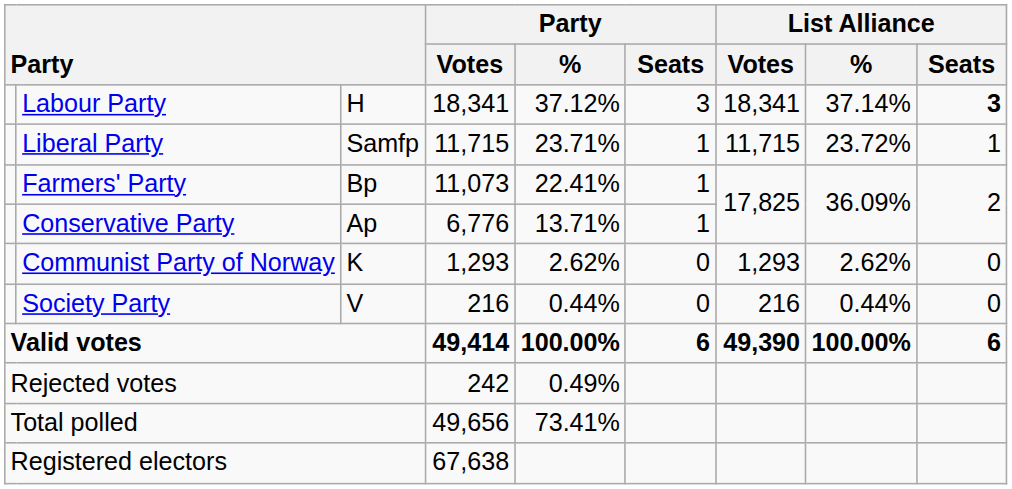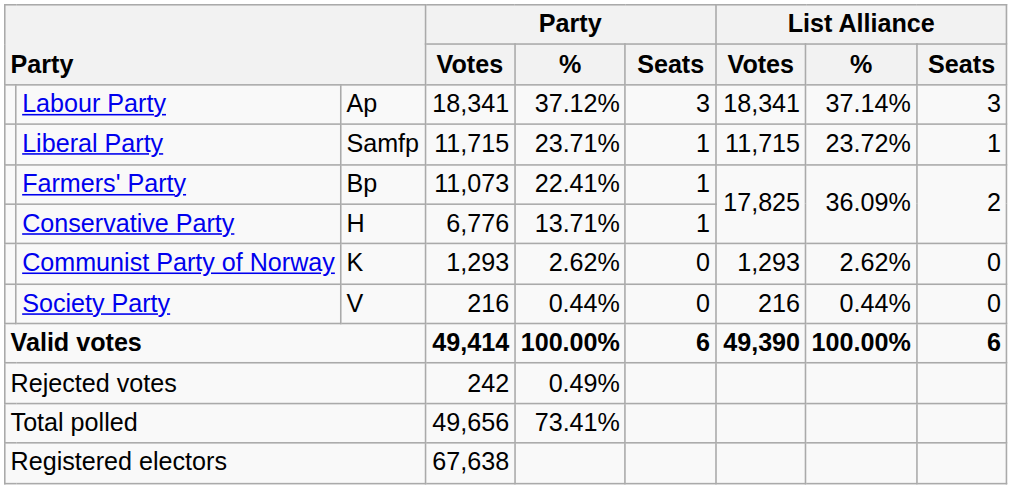 <table class="wikitable" border="1" style="text-align:right;">
 <tr>
 <th style="text-align:left;" valign=bottom rowspan=2 colspan=3>Party</th>
 <th colspan=3>Party</th>
 <th colspan=3>List Alliance</th>
 </tr>
 <tr>
 <th align=center valign=bottom width="50">Votes</th>
 <th align=center valign=bottom width="50">%</th>
 <th align=center valign=bottom width="50">Seats</th>
 <th align=center valign=bottom width="50">Votes</th>
 <th align=center valign=bottom width="50">%</th>
 <th align=center valign=bottom width="50">Seats</th>
 </tr>
 <tr>
 <td style="color:inherit;background:"></td>
 <td align=left><a href='#'>Labour Party</a></td>
-<td align=left>H</td>
+<td align=left>Ap</td>
 <td>18,341</td>
 <td>37.12%</td>
 <td>3</td>
 <td>18,341</td>
 <td>37.14%</td>
-<td><strong>3</strong></td>
+<td>3</td>
 </tr>
 <tr>
 <td style="color:inherit;background:"></td>
 <td align=left><a href='#'>Liberal Party</a></td>
 <td align=left>Samfp</td>
 <td>11,715</td>
 <td>23.71%</td>
 <td>1</td>
 <td>11,715</td>
 <td>23.72%</td>
 <td>1</td>
 </tr>
 <tr>
 <td style="color:inherit;background:"></td>
 <td align=left><a href='#'>Farmers' Party</a></td>
 <td align=left>Bp</td>
 <td>11,073</td>
 <td>22.41%</td>
 <td>1</td>
 <td rowspan=2>17,825</td>
 <td rowspan=2>36.09%</td>
 <td rowspan=2>2</td>
 </tr>
 <tr>
 <td style="color:inherit;background:"></td>
 <td align=left><a href='#'>Conservative Party</a></td>
-<td align=left>Ap</td>
+<td align=left>H</td>
 <td>6,776</td>
 <td>13.71%</td>
 <td>1</td>
 </tr>
 <tr>
 <td style="color:inherit;background:"></td>
 <td align=left><a href='#'>Communist Party of Norway</a></td>
 <td align=left>K</td>
 <td>1,293</td>
 <td>2.62%</td>
 <td>0</td>
 <td>1,293</td>
 <td>2.62%</td>
 <td>0</td>
 </tr>
 <tr>
 <td></td>
 <td align=left><a href='#'>Society Party</a></td>
 <td align=left>V</td>
 <td>216</td>
 <td>0.44%</td>
 <td>0</td>
 <td>216</td>
 <td>0.44%</td>
 <td>0</td>
 </tr>
 <tr style="font-weight:bold">
 <td align=left colspan=3>Valid votes</td>
 <td>49,414</td>
 <td>100.00%</td>
 <td>6</td>
 <td>49,390</td>
 <td>100.00%</td>
 <td>6</td>
 </tr>
 <tr>
 <td align=left colspan=3>Rejected votes</td>
 <td>242</td>
 <td>0.49%</td>
 <td></td>
 <td></td>
 <td></td>
 <td></td>
 </tr>
 <tr>
 <td align=left colspan=3>Total polled</td>
 <td>49,656</td>
 <td>73.41%</td>
 <td></td>
 <td></td>
 <td></td>
 <td></td>
 </tr>
 <tr>
 <td align=left colspan=3>Registered electors</td>
 <td>67,638</td>
 <td></td>
 <td></td>
 <td></td>
 <td></td>
 <td></td>
 </tr>
 </table>
